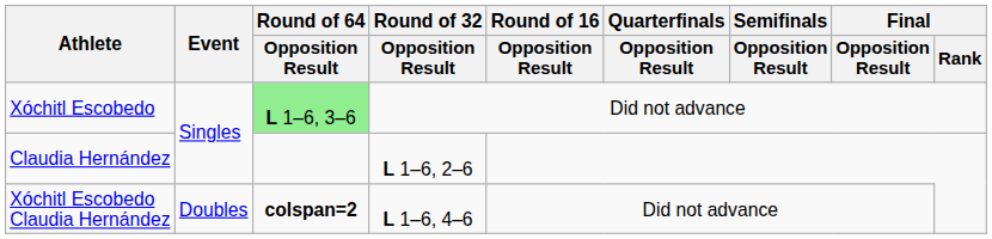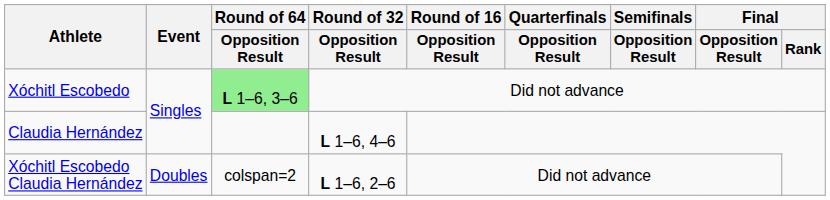 <table class="wikitable" style="font-size:90%">
 <tr>
 <th rowspan="2">Athlete</th>
 <th rowspan="2">Event</th>
 <th>Round of 64</th>
 <th>Round of 32</th>
 <th>Round of 16</th>
 <th>Quarterfinals</th>
 <th>Semifinals</th>
 <th colspan=2>Final</th>
 </tr>
 <tr style="font-size:95%">
 <th>Opposition<br>Result</th>
 <th>Opposition<br>Result</th>
 <th>Opposition<br>Result</th>
 <th>Opposition<br>Result</th>
 <th>Opposition<br>Result</th>
 <th>Opposition<br>Result</th>
 <th>Rank</th>
 </tr>
 <tr align=center>
 <td align=left><a href='#'>Xóchitl Escobedo</a></td>
 <td align=left rowspan=2><a href='#'>Singles</a></td>
 <td style="background: lightgreen;"><br><strong>L</strong> 1–6, 3–6</td>
 <td colspan=6>Did not advance</td>
 </tr>
 <tr align=center>
 <td align=left><a href='#'>Claudia Hernández</a></td>
 <td></td>
-<td><br><strong>L</strong> 1–6, 2–6</td>
+<td><br><strong>L</strong> 1–6, 4–6</td>
 </tr>
 <tr align=center>
 <td align=left><a href='#'>Xóchitl Escobedo</a><br><a href='#'>Claudia Hernández</a></td>
 <td align=left><a href='#'>Doubles</a></td>
-<td><strong>colspan=2</strong></td>
-<td><br><strong>L</strong> 1–6, 4–6</td>
+<td>colspan=2</td>
+<td><br><strong>L</strong> 1–6, 2–6</td>
 <td colspan=4>Did not advance</td>
 </tr>
 </table>
